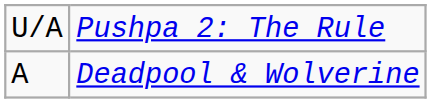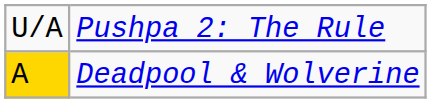 <table class="wikitable sortable" style="margin:auto; margin:auto;">
 <tr>
 <td>U/A</td>
 <td><em><a href='#'>Pushpa 2: The Rule</a></em></td>
 </tr>
 <tr>
-<td>A</td>
+<td style="background: gold;">A</td>
 <td><em><a href='#'>Deadpool & Wolverine</a></em></td>
 </tr>
 </table>
